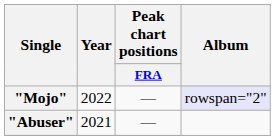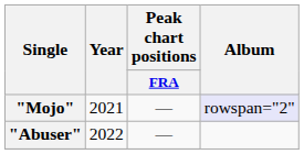 <table class="wikitable plainrowheaders" style="text-align:center;">
 <tr>
 <th scope="col" rowspan="2">Single</th>
 <th scope="col" rowspan="2">Year</th>
 <th scope="col" colspan="1">Peak chart positions</th>
 <th scope="col" rowspan="2">Album</th>
 </tr>
 <tr>
 <th scope="col" style="width:3em;font-size:85%;"><a href='#'>FRA</a><br></th>
 </tr>
 <tr>
 <th scope="row">"Mojo"</th>
-<td rowspan="1">2022</td>
+<td rowspan="1">2021</td>
 <td>—</td>
 <td style="background: lavender;">rowspan="2" </td>
 </tr>
 <tr>
 <th scope="row">"Abuser"</th>
-<td rowspan="1">2021</td>
+<td rowspan="1">2022</td>
 <td>—</td>
 </tr>
 <tr>
 </tr>
 </table>
